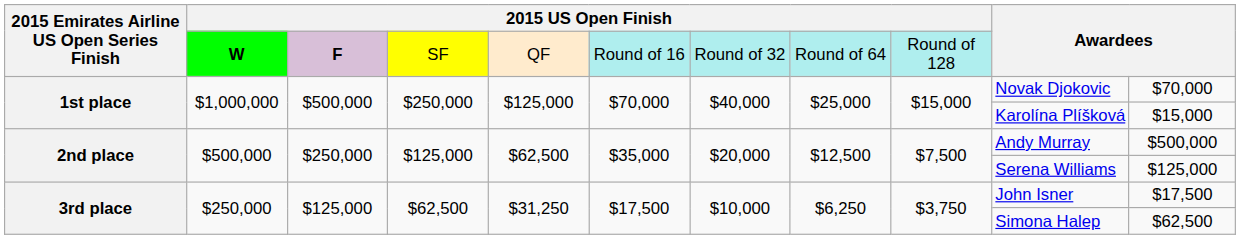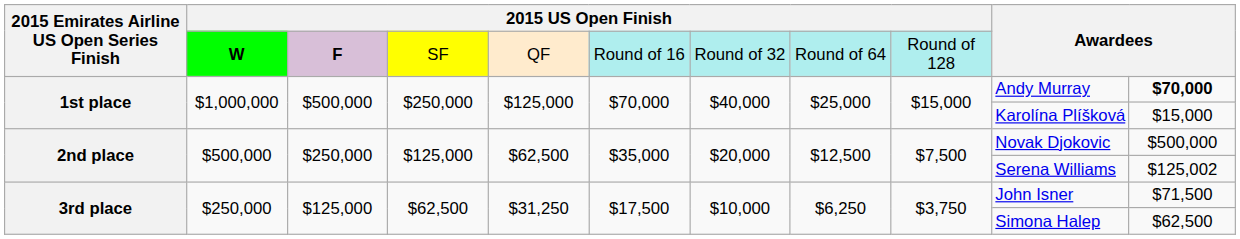 <table class=wikitable style=font-size:90%;text-align:center>
 <tr>
 <th rowspan=2>2015 Emirates Airline US Open Series Finish</th>
 <th colspan=8>2015 US Open Finish</th>
 <th rowspan=2 colspan=2>Awardees</th>
 </tr>
 <tr>
 <td style="width:80px; background:lime;"><strong>W</strong></td>
 <td style="width:80px; background:thistle;"><strong>F</strong></td>
 <td style="width:80px; background:#ff0;">SF</td>
 <td style="width:80px; background:#ffebcd;">QF</td>
 <td style="width:80px; background:#afeeee;">Round of 16</td>
 <td style="width:80px; background:#afeeee;">Round of 32</td>
 <td style="width:80px; background:#afeeee;">Round of 64</td>
 <td style="width:80px; background:#afeeee;">Round of 128</td>
 </tr>
 <tr>
 <th width=120 rowspan=2>1st place</th>
 <td rowspan=2>$1,000,000</td>
 <td rowspan=2>$500,000</td>
 <td rowspan=2>$250,000</td>
 <td rowspan=2>$125,000</td>
 <td rowspan=2>$70,000</td>
 <td rowspan=2>$40,000</td>
 <td rowspan=2>$25,000</td>
 <td rowspan=2>$15,000</td>
-<td align=left> <a href='#'>Novak Djokovic</a></td>
-<td width=85>$70,000</td>
+<td align=left> <a href='#'>Andy Murray</a></td>
+<td width=85><strong>$70,000</strong></td>
 </tr>
 <tr>
 <td align=left> <a href='#'>Karolína Plíšková</a></td>
 <td width=85>$15,000</td>
 </tr>
 <tr>
 <th width=150 rowspan=2>2nd place</th>
 <td rowspan=2>$500,000</td>
 <td rowspan=2>$250,000</td>
 <td rowspan=2>$125,000</td>
 <td rowspan=2>$62,500</td>
 <td rowspan=2>$35,000</td>
 <td rowspan=2>$20,000</td>
 <td rowspan=2>$12,500</td>
 <td rowspan=2>$7,500</td>
-<td align=left> <a href='#'>Andy Murray</a></td>
+<td align=left> <a href='#'>Novak Djokovic</a></td>
 <td>$500,000</td>
 </tr>
 <tr>
 <td align=left> <a href='#'>Serena Williams</a></td>
-<td>$125,000</td>
+<td>$125,002</td>
 </tr>
 <tr>
 <th width=120 rowspan=2>3rd place</th>
 <td rowspan=2>$250,000</td>
 <td rowspan=2>$125,000</td>
 <td rowspan=2>$62,500</td>
 <td rowspan=2>$31,250</td>
 <td rowspan=2>$17,500</td>
 <td rowspan=2>$10,000</td>
 <td rowspan=2>$6,250</td>
 <td rowspan=2>$3,750</td>
 <td align=left> <a href='#'>John Isner</a></td>
-<td>$17,500</td>
+<td>$71,500</td>
 </tr>
 <tr>
 <td align=left> <a href='#'>Simona Halep</a></td>
 <td>$62,500</td>
 </tr>
 </table>
